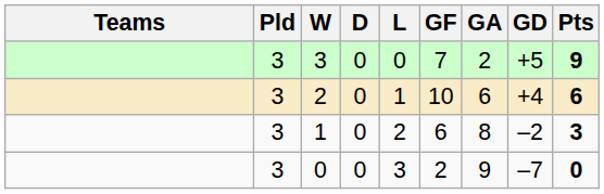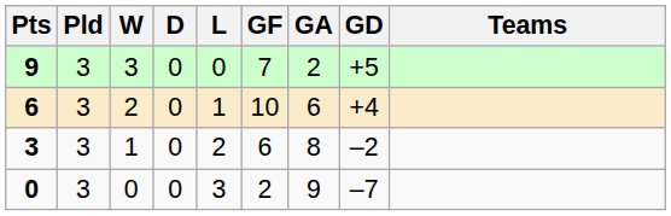 <table class="wikitable" style="text-align: center;">
 <tr>
-<th width=165>Teams</th>
+<th width=20>Pts</th>
 <th width=20>Pld</th>
 <th width=20>W</th>
 <th width=20>D</th>
 <th width=20>L</th>
 <th width=20>GF</th>
 <th width=20>GA</th>
 <th width=20>GD</th>
-<th width=20>Pts</th>
+<th width=165>Teams</th>
 </tr>
 <tr align=center style="background:#ccffcc;">
-<td style="text-align:left;"></td>
+<td><strong>9</strong></td>
 <td>3</td>
 <td>3</td>
 <td>0</td>
 <td>0</td>
 <td>7</td>
 <td>2</td>
 <td>+5</td>
-<td><strong>9</strong></td>
+<td style="text-align:left;"></td>
 </tr>
 <tr align=center style="background:#faecc8;">
-<td style="text-align:left;"></td>
+<td><strong>6</strong></td>
 <td>3</td>
 <td>2</td>
 <td>0</td>
 <td>1</td>
 <td>10</td>
 <td>6</td>
 <td>+4</td>
-<td><strong>6</strong></td>
+<td style="text-align:left;"></td>
 </tr>
 <tr align=center>
-<td style="text-align:left;"></td>
+<td><strong>3</strong></td>
 <td>3</td>
 <td>1</td>
 <td>0</td>
 <td>2</td>
 <td>6</td>
 <td>8</td>
 <td>–2</td>
-<td><strong>3</strong></td>
+<td style="text-align:left;"></td>
 </tr>
 <tr align=center>
-<td style="text-align:left;"></td>
+<td><strong>0</strong></td>
 <td>3</td>
 <td>0</td>
 <td>0</td>
 <td>3</td>
 <td>2</td>
 <td>9</td>
 <td>–7</td>
-<td><strong>0</strong></td>
+<td style="text-align:left;"></td>
 </tr>
 </table>
